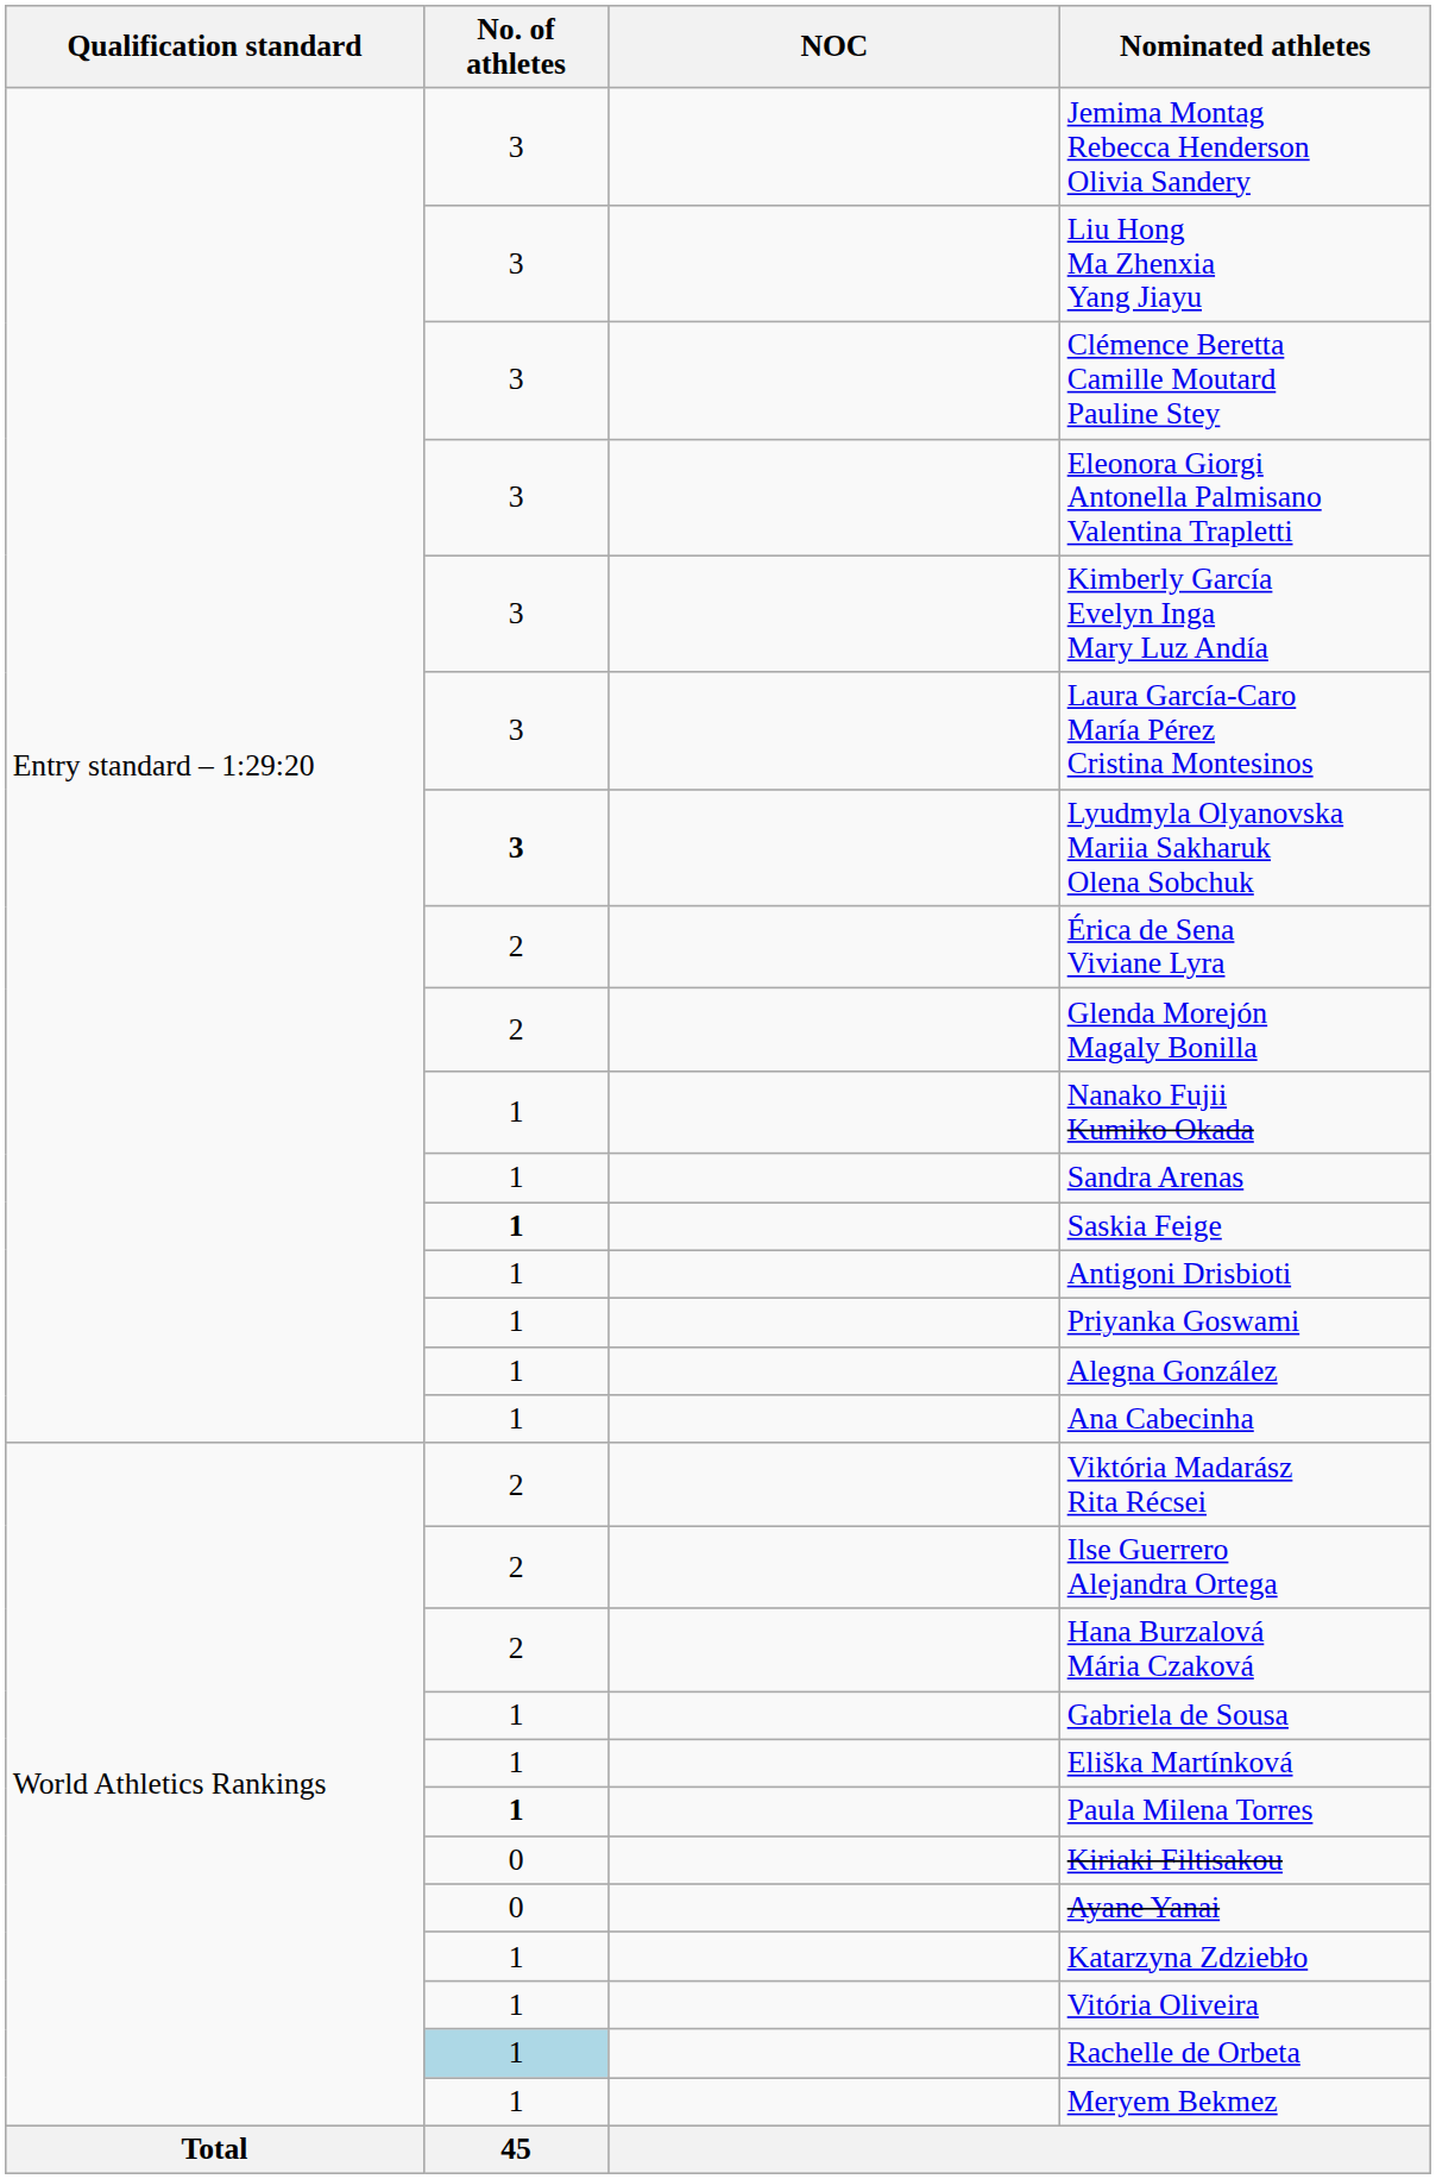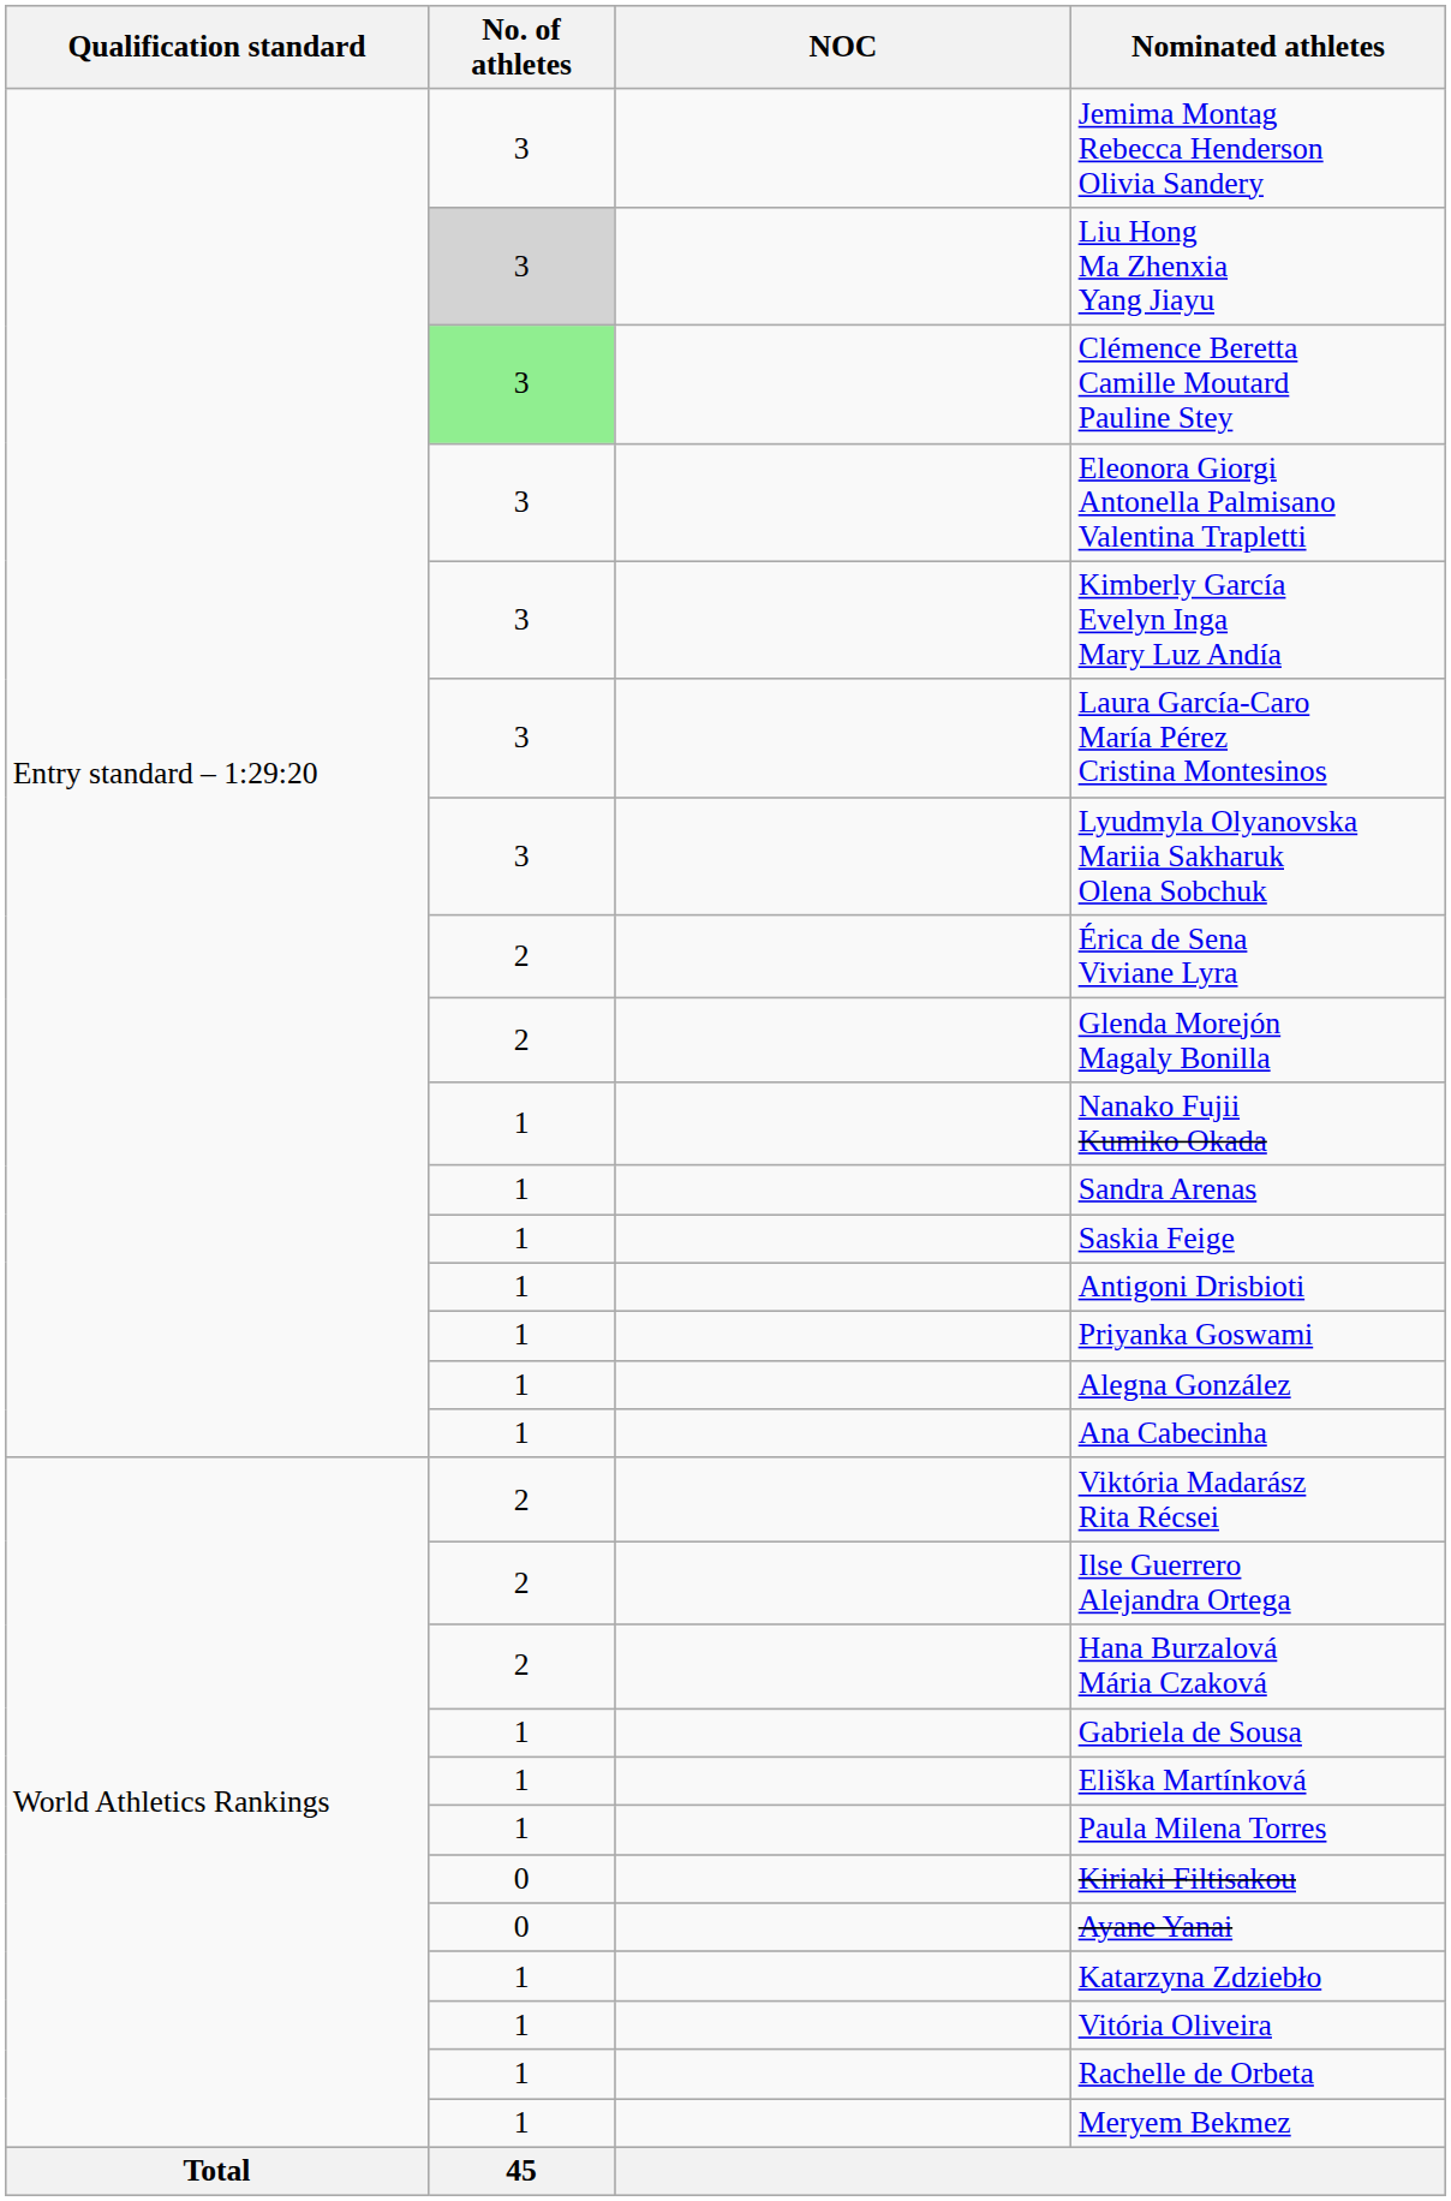 <table class="wikitable sortable" style="text-align:left; width:750px;">
 <tr>
 <th>Qualification standard</th>
 <th width=90>No. of athletes</th>
 <th width=230>NOC</th>
 <th>Nominated athletes</th>
 </tr>
 <tr>
 <td rowspan=16>Entry standard – 1:29:20</td>
 <td align=center>3</td>
 <td></td>
 <td><a href='#'>Jemima Montag</a><br><a href='#'>Rebecca Henderson</a><br><a href='#'>Olivia Sandery</a></td>
 </tr>
 <tr>
-<td align=center>3</td>
+<td align=center style="background: lightgrey;">3</td>
 <td></td>
 <td><a href='#'>Liu Hong</a><br><a href='#'>Ma Zhenxia</a><br><a href='#'>Yang Jiayu</a></td>
 </tr>
 <tr>
-<td align=center>3</td>
+<td align=center style="background: lightgreen;">3</td>
 <td></td>
 <td><a href='#'>Clémence Beretta</a><br><a href='#'>Camille Moutard</a><br><a href='#'>Pauline Stey</a></td>
 </tr>
 <tr>
 <td align=center>3</td>
 <td></td>
 <td><a href='#'>Eleonora Giorgi</a><br><a href='#'>Antonella Palmisano</a><br><a href='#'>Valentina Trapletti</a></td>
 </tr>
 <tr>
 <td align=center>3</td>
 <td></td>
 <td><a href='#'>Kimberly García</a><br><a href='#'>Evelyn Inga</a><br><a href='#'>Mary Luz Andía</a></td>
 </tr>
 <tr>
 <td align=center>3</td>
 <td></td>
 <td><a href='#'>Laura García-Caro</a><br><a href='#'>María Pérez</a><br><a href='#'>Cristina Montesinos</a></td>
 </tr>
 <tr>
-<td align=center><strong>3</strong></td>
+<td align=center>3</td>
 <td></td>
 <td><a href='#'>Lyudmyla Olyanovska</a><br><a href='#'>Mariia Sakharuk</a><br><a href='#'>Olena Sobchuk</a></td>
 </tr>
 <tr>
 <td align=center>2</td>
 <td></td>
 <td><a href='#'>Érica de Sena</a><br><a href='#'>Viviane Lyra</a></td>
 </tr>
 <tr>
 <td align=center>2</td>
 <td></td>
 <td><a href='#'>Glenda Morejón</a><br><a href='#'>Magaly Bonilla</a></td>
 </tr>
 <tr>
 <td align=center>1</td>
 <td></td>
 <td><a href='#'>Nanako Fujii</a><br><s><a href='#'>Kumiko Okada</a></s></td>
 </tr>
 <tr>
 <td align=center>1</td>
 <td></td>
 <td><a href='#'>Sandra Arenas</a></td>
 </tr>
 <tr>
-<td align=center><strong>1</strong></td>
+<td align=center>1</td>
 <td></td>
 <td><a href='#'>Saskia Feige</a></td>
 </tr>
 <tr>
 <td align=center>1</td>
 <td></td>
 <td><a href='#'>Antigoni Drisbioti</a></td>
 </tr>
 <tr>
 <td align=center>1</td>
 <td></td>
 <td><a href='#'>Priyanka Goswami</a></td>
 </tr>
 <tr>
 <td align=center>1</td>
 <td></td>
 <td><a href='#'>Alegna González</a></td>
 </tr>
 <tr>
 <td align=center>1</td>
 <td></td>
 <td><a href='#'>Ana Cabecinha</a></td>
 </tr>
 <tr>
 <td rowspan=12>World Athletics Rankings</td>
 <td align=center>2</td>
 <td></td>
 <td><a href='#'>Viktória Madarász</a><br><a href='#'>Rita Récsei</a></td>
 </tr>
 <tr>
 <td align=center>2</td>
 <td></td>
 <td><a href='#'>Ilse Guerrero</a><br><a href='#'>Alejandra Ortega</a></td>
 </tr>
 <tr>
 <td align=center>2</td>
 <td></td>
 <td><a href='#'>Hana Burzalová</a><br><a href='#'>Mária Czaková</a></td>
 </tr>
 <tr>
 <td align=center>1</td>
 <td></td>
 <td><a href='#'>Gabriela de Sousa</a></td>
 </tr>
 <tr>
 <td align=center>1</td>
 <td></td>
 <td><a href='#'>Eliška Martínková</a></td>
 </tr>
 <tr>
-<td align=center><strong>1</strong></td>
+<td align=center>1</td>
 <td></td>
 <td><a href='#'>Paula Milena Torres</a></td>
 </tr>
 <tr>
 <td align=center>0</td>
 <td><s></s></td>
 <td><s><a href='#'>Kiriaki Filtisakou</a></s></td>
 </tr>
 <tr>
 <td align=center>0</td>
 <td><s></s></td>
 <td><s><a href='#'>Ayane Yanai</a></s></td>
 </tr>
 <tr>
 <td align=center>1</td>
 <td></td>
 <td><a href='#'>Katarzyna Zdziebło</a></td>
 </tr>
 <tr>
 <td align=center>1</td>
 <td></td>
 <td><a href='#'>Vitória Oliveira</a></td>
 </tr>
 <tr>
-<td align=center style="background: lightblue;">1</td>
+<td align=center>1</td>
 <td></td>
 <td><a href='#'>Rachelle de Orbeta</a></td>
 </tr>
 <tr>
 <td align=center>1</td>
 <td></td>
 <td><a href='#'>Meryem Bekmez</a></td>
 </tr>
 <tr>
 <th>Total</th>
 <th>45</th>
 <th colspan=2></th>
 </tr>
 </table>
